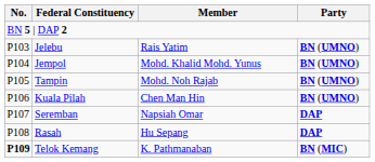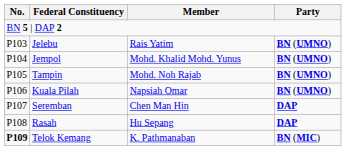 <table class="wikitable sortable">
 <tr>
 <th style="width:30px;">No.</th>
 <th style="width:150px;">Federal Constituency</th>
 <th style="width:230px;">Member</th>
 <th style="width:100px;">Party</th>
 </tr>
 <tr>
 <td colspan="4"><a href='#'>BN</a> <strong>5</strong> | <a href='#'>DAP</a> <strong>2</strong></td>
 </tr>
 <tr>
 <td>P103</td>
 <td><a href='#'>Jelebu</a></td>
 <td><a href='#'>Rais Yatim</a></td>
 <td><strong><a href='#'>BN</a></strong> (<strong><a href='#'>UMNO</a></strong>)</td>
 </tr>
 <tr>
 <td>P104</td>
 <td><a href='#'>Jempol</a></td>
 <td><a href='#'>Mohd. Khalid Mohd. Yunus</a></td>
 <td><strong><a href='#'>BN</a></strong> (<strong><a href='#'>UMNO</a></strong>)</td>
 </tr>
 <tr>
 <td>P105</td>
 <td><a href='#'>Tampin</a></td>
 <td><a href='#'>Mohd. Noh Rajab</a></td>
 <td><strong><a href='#'>BN</a></strong> (<strong><a href='#'>UMNO</a></strong>)</td>
 </tr>
 <tr>
 <td>P106</td>
 <td><a href='#'>Kuala Pilah</a></td>
-<td><a href='#'>Chen Man Hin</a></td>
+<td><a href='#'>Napsiah Omar</a></td>
 <td><strong><a href='#'>BN</a></strong> (<strong><a href='#'>UMNO</a></strong>)</td>
 </tr>
 <tr>
 <td>P107</td>
 <td><a href='#'>Seremban</a></td>
-<td><a href='#'>Napsiah Omar</a></td>
+<td><a href='#'>Chen Man Hin</a></td>
 <td><strong><a href='#'>DAP</a></strong></td>
 </tr>
 <tr>
 <td>P108</td>
 <td><a href='#'>Rasah</a></td>
 <td><a href='#'>Hu Sepang</a></td>
 <td><strong><a href='#'>DAP</a></strong></td>
 </tr>
 <tr>
 <td><strong>P109</strong></td>
 <td><a href='#'>Telok Kemang</a></td>
 <td><a href='#'>K. Pathmanaban</a></td>
 <td><strong><a href='#'>BN</a></strong> (<strong><a href='#'>MIC</a></strong>)</td>
 </tr>
 </table>
